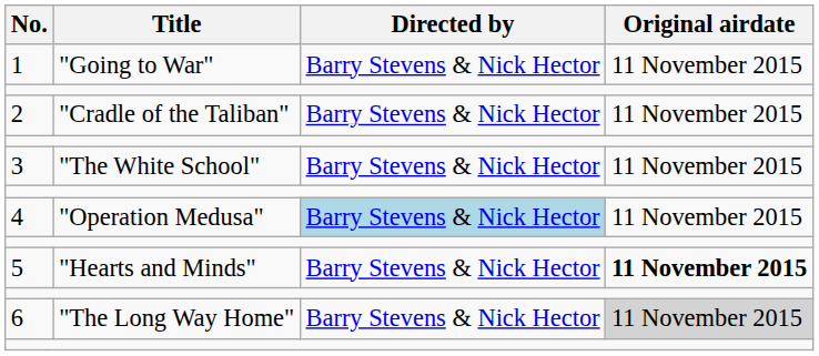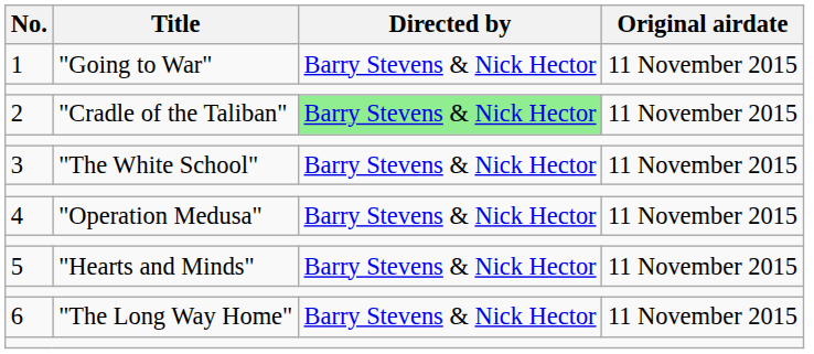 <table class="wikitable">
 <tr>
 <th>No.</th>
 <th>Title</th>
 <th>Directed by</th>
 <th>Original airdate</th>
 </tr>
 <tr>
 <td>1</td>
 <td>"Going to War"</td>
 <td><a href='#'>Barry Stevens</a> & <a href='#'>Nick Hector</a></td>
 <td>11 November 2015</td>
 </tr>
 <tr>
 <td colspan="4"></td>
 </tr>
 <tr>
 <td>2</td>
 <td>"Cradle of the Taliban"</td>
-<td><a href='#'>Barry Stevens</a> & <a href='#'>Nick Hector</a></td>
+<td style="background: lightgreen;"><a href='#'>Barry Stevens</a> & <a href='#'>Nick Hector</a></td>
 <td>11 November 2015</td>
 </tr>
 <tr>
 <td colspan="4"></td>
 </tr>
 <tr>
 <td>3</td>
 <td>"The White School"</td>
 <td><a href='#'>Barry Stevens</a> & <a href='#'>Nick Hector</a></td>
 <td>11 November 2015</td>
 </tr>
 <tr>
 <td colspan="4"></td>
 </tr>
 <tr>
 <td>4</td>
 <td>"Operation Medusa"</td>
-<td style="background: lightblue;"><a href='#'>Barry Stevens</a> & <a href='#'>Nick Hector</a></td>
+<td><a href='#'>Barry Stevens</a> & <a href='#'>Nick Hector</a></td>
 <td>11 November 2015</td>
 </tr>
 <tr>
 <td colspan="4"></td>
 </tr>
 <tr>
 <td>5</td>
 <td>"Hearts and Minds"</td>
 <td><a href='#'>Barry Stevens</a> & <a href='#'>Nick Hector</a></td>
-<td><strong>11 November 2015</strong></td>
+<td>11 November 2015</td>
 </tr>
 <tr>
 <td colspan="4"></td>
 </tr>
 <tr>
 <td>6</td>
 <td>"The Long Way Home"</td>
 <td><a href='#'>Barry Stevens</a> & <a href='#'>Nick Hector</a></td>
-<td style="background: lightgrey;">11 November 2015</td>
+<td>11 November 2015</td>
 </tr>
 <tr>
 <td colspan="4"></td>
 </tr>
 </table>
